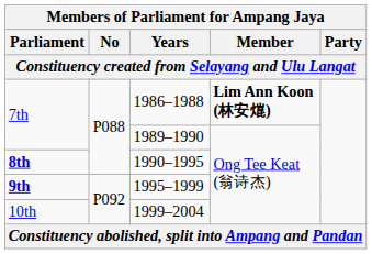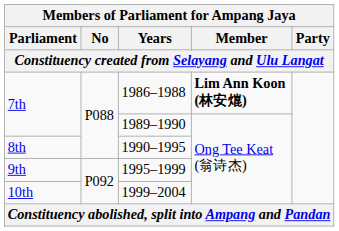 <table class=wikitable>
 <tr>
 <th colspan="5">Members of Parliament for Ampang Jaya</th>
 </tr>
 <tr>
 <th>Parliament</th>
 <th>No</th>
 <th>Years</th>
 <th>Member</th>
 <th>Party</th>
 </tr>
 <tr>
 <th colspan="5" align="center"><em>Constituency created from <a href='#'>Selayang</a> and <a href='#'>Ulu Langat</a></em></th>
 </tr>
 <tr>
 <td rowspan=2><a href='#'>7th</a></td>
 <td rowspan="3">P088</td>
 <td>1986–1988</td>
 <td><strong>Lim Ann Koon  <br> (林安熴)</strong></td>
 <td rowspan="5"></td>
 </tr>
 <tr>
 <td>1989–1990</td>
 <td rowspan="4"><a href='#'>Ong Tee Keat</a> <br> (翁诗杰)</td>
 </tr>
 <tr>
-<td><strong><a href='#'>8th</a></strong></td>
+<td><a href='#'>8th</a></td>
 <td>1990–1995</td>
 </tr>
 <tr>
-<td><strong><a href='#'>9th</a></strong></td>
+<td><a href='#'>9th</a></td>
 <td rowspan="2">P092</td>
 <td>1995–1999</td>
 </tr>
 <tr>
 <td><a href='#'>10th</a></td>
 <td>1999–2004</td>
 </tr>
 <tr>
 <th colspan="5" align="center"><em>Constituency abolished, split into <a href='#'>Ampang</a> and <a href='#'>Pandan</a></em></th>
 </tr>
 </table>
